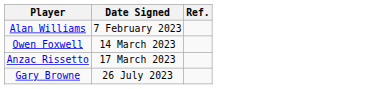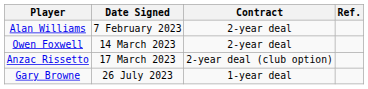 <table class="wikitable sortable sortable" style="text-align: center">
 <tr>
 <th>Player</th>
 <th>Date Signed</th>
+<th>Contract</th>
 <th>Ref.</th>
 </tr>
 <tr>
 <td><a href='#'>Alan Williams</a></td>
 <td>7 February 2023</td>
+<td>2-year deal</td>
 <td></td>
 </tr>
 <tr>
 <td><a href='#'>Owen Foxwell</a></td>
 <td>14 March 2023</td>
+<td>2-year deal</td>
 <td></td>
 </tr>
 <tr>
 <td><a href='#'>Anzac Rissetto</a></td>
 <td>17 March 2023</td>
+<td>2-year deal (club option)</td>
 <td></td>
 </tr>
 <tr>
 <td><a href='#'>Gary Browne</a></td>
 <td>26 July 2023</td>
+<td>1-year deal</td>
 <td></td>
 </tr>
 </table>
